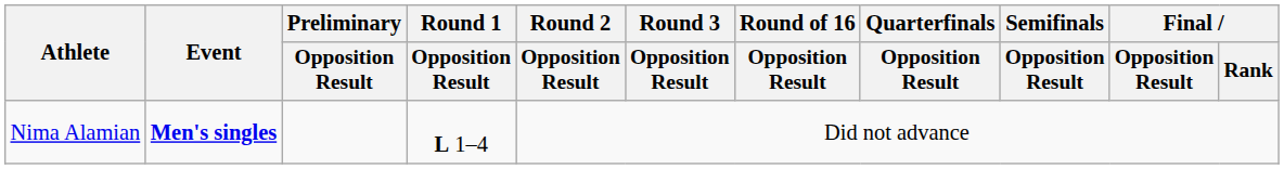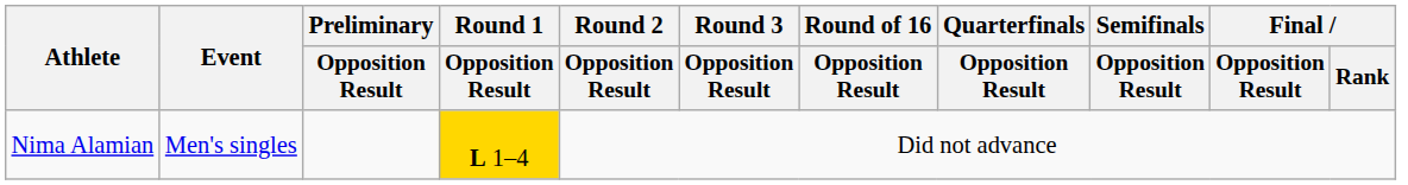 <table class="wikitable" style="font-size:90%;">
 <tr>
 <th rowspan=2>Athlete</th>
 <th rowspan=2>Event</th>
 <th>Preliminary</th>
 <th>Round 1</th>
 <th>Round 2</th>
 <th>Round 3</th>
 <th>Round of 16</th>
 <th>Quarterfinals</th>
 <th>Semifinals</th>
 <th colspan=2>Final / </th>
 </tr>
 <tr style="font-size:95%">
 <th>Opposition<br>Result</th>
 <th>Opposition<br>Result</th>
 <th>Opposition<br>Result</th>
 <th>Opposition<br>Result</th>
 <th>Opposition<br>Result</th>
 <th>Opposition<br>Result</th>
 <th>Opposition<br>Result</th>
 <th>Opposition<br>Result</th>
 <th>Rank</th>
 </tr>
 <tr align=center>
 <td align=left><a href='#'>Nima Alamian</a></td>
-<td align=left><strong><a href='#'>Men's singles</a></strong></td>
+<td align=left><a href='#'>Men's singles</a></td>
 <td></td>
-<td><br><strong>L</strong> 1–4</td>
+<td style="background: gold;"><br><strong>L</strong> 1–4</td>
 <td colspan="7">Did not advance</td>
 </tr>
 </table>
